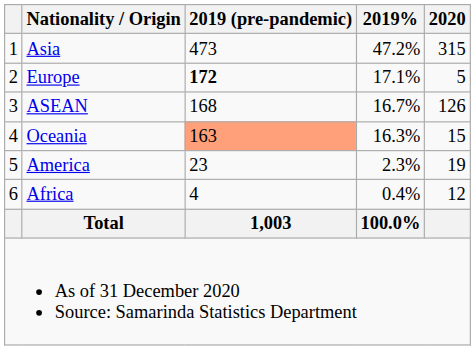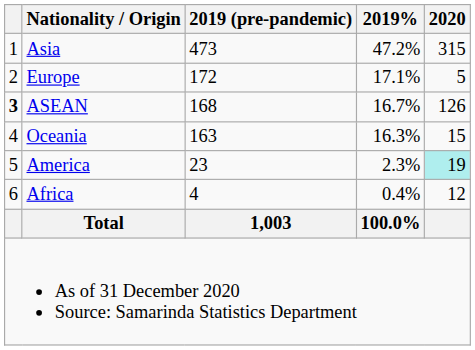 <table class="wikitable sortable">
 <tr>
 <th></th>
 <th>Nationality / Origin</th>
 <th>2019 (pre-pandemic)</th>
 <th>2019%</th>
 <th>2020</th>
 </tr>
 <tr>
 <td align=right>1</td>
 <td><a href='#'>Asia</a></td>
 <td>473</td>
 <td align=right>47.2%</td>
 <td align=right>315</td>
 </tr>
 <tr>
 <td align=right>2</td>
 <td><a href='#'>Europe</a></td>
-<td><strong>172</strong></td>
+<td>172</td>
 <td align=right>17.1%</td>
 <td align=right>5</td>
 </tr>
 <tr>
-<td align=right>3</td>
+<td align=right><strong>3</strong></td>
 <td><a href='#'>ASEAN</a></td>
 <td>168</td>
 <td align=right>16.7%</td>
 <td align=right>126</td>
 </tr>
 <tr>
 <td align=right>4</td>
 <td><a href='#'>Oceania</a></td>
-<td style="background: lightsalmon;">163</td>
+<td>163</td>
 <td align=right>16.3%</td>
 <td align=right>15</td>
 </tr>
 <tr>
 <td align=right>5</td>
 <td><a href='#'>America</a></td>
 <td>23</td>
 <td align=right>2.3%</td>
-<td align=right>19</td>
+<td align=right style="background: paleturquoise;">19</td>
 </tr>
 <tr>
 <td align=right>6</td>
 <td><a href='#'>Africa</a></td>
 <td>4</td>
 <td align=right>0.4%</td>
 <td align=right>12</td>
 </tr>
 <tr>
 <th></th>
 <th>Total</th>
 <th>1,003</th>
 <th>100.0%</th>
 <th></th>
 </tr>
 <tr>
 <td colspan="5"><br><ul><li>As of 31 December 2020</li><li>Source: Samarinda Statistics Department</li></ul></td>
 </tr>
 </table>
